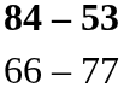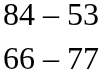 <table style="text-align:center;">
 <tr>
 <th width=200></th>
 <th width=100></th>
 <th width=200></th>
 <th></th>
 </tr>
 <tr>
 <td align=right><strong></strong></td>
-<td><strong>84 – 53</strong></td>
+<td>84 – 53</td>
 <td align=left></td>
 </tr>
 <tr>
 <td align=right></td>
 <td>66 – 77</td>
 <td align=left><strong></strong></td>
 </tr>
 </table>
